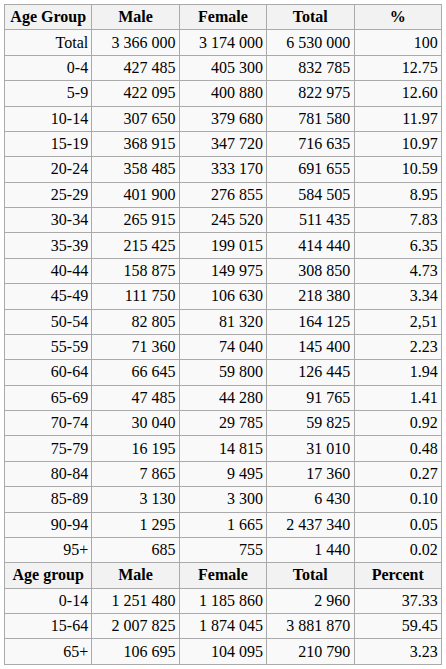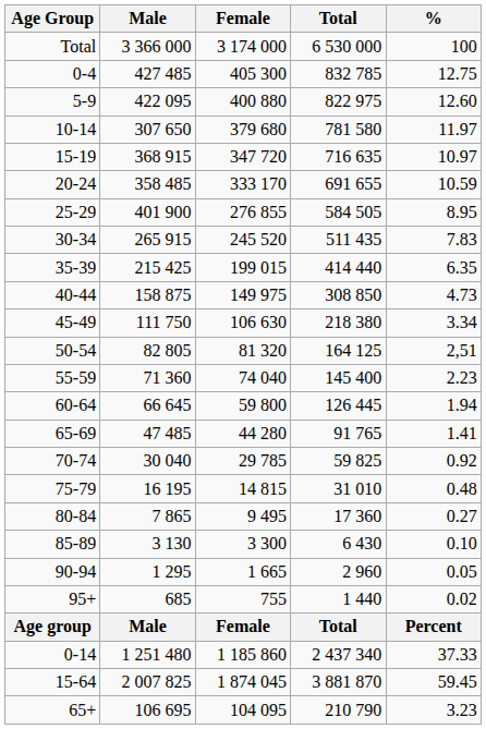 <table class="wikitable">
 <tr>
 <th width="80pt">Age Group</th>
 <th width="80pt">Male</th>
 <th width="80pt">Female</th>
 <th width="80pt">Total</th>
 <th width="80pt">%</th>
 </tr>
 <tr>
 <td align="right">Total</td>
 <td align="right">3 366 000</td>
 <td align="right">3 174 000</td>
 <td align="right">6 530 000</td>
 <td align="right">100</td>
 </tr>
 <tr>
 <td align="right">0-4</td>
 <td align="right">427 485</td>
 <td align="right">405 300</td>
 <td align="right">832 785</td>
 <td align="right">12.75</td>
 </tr>
 <tr>
 <td align="right">5-9</td>
 <td align="right">422 095</td>
 <td align="right">400 880</td>
 <td align="right">822 975</td>
 <td align="right">12.60</td>
 </tr>
 <tr>
 <td align="right">10-14</td>
 <td align="right">307 650</td>
 <td align="right">379 680</td>
 <td align="right">781 580</td>
 <td align="right">11.97</td>
 </tr>
 <tr>
 <td align="right">15-19</td>
 <td align="right">368 915</td>
 <td align="right">347 720</td>
 <td align="right">716 635</td>
 <td align="right">10.97</td>
 </tr>
 <tr>
 <td align="right">20-24</td>
 <td align="right">358 485</td>
 <td align="right">333 170</td>
 <td align="right">691 655</td>
 <td align="right">10.59</td>
 </tr>
 <tr>
 <td align="right">25-29</td>
 <td align="right">401 900</td>
 <td align="right">276 855</td>
 <td align="right">584 505</td>
 <td align="right">8.95</td>
 </tr>
 <tr>
 <td align="right">30-34</td>
 <td align="right">265 915</td>
 <td align="right">245 520</td>
 <td align="right">511 435</td>
 <td align="right">7.83</td>
 </tr>
 <tr>
 <td align="right">35-39</td>
 <td align="right">215 425</td>
 <td align="right">199 015</td>
 <td align="right">414 440</td>
 <td align="right">6.35</td>
 </tr>
 <tr>
 <td align="right">40-44</td>
 <td align="right">158 875</td>
 <td align="right">149 975</td>
 <td align="right">308 850</td>
 <td align="right">4.73</td>
 </tr>
 <tr>
 <td align="right">45-49</td>
 <td align="right">111 750</td>
 <td align="right">106 630</td>
 <td align="right">218 380</td>
 <td align="right">3.34</td>
 </tr>
 <tr>
 <td align="right">50-54</td>
 <td align="right">82 805</td>
 <td align="right">81 320</td>
 <td align="right">164 125</td>
 <td align="right">2,51</td>
 </tr>
 <tr>
 <td align="right">55-59</td>
 <td align="right">71 360</td>
 <td align="right">74 040</td>
 <td align="right">145 400</td>
 <td align="right">2.23</td>
 </tr>
 <tr>
 <td align="right">60-64</td>
 <td align="right">66 645</td>
 <td align="right">59 800</td>
 <td align="right">126 445</td>
 <td align="right">1.94</td>
 </tr>
 <tr>
 <td align="right">65-69</td>
 <td align="right">47 485</td>
 <td align="right">44 280</td>
 <td align="right">91 765</td>
 <td align="right">1.41</td>
 </tr>
 <tr>
 <td align="right">70-74</td>
 <td align="right">30 040</td>
 <td align="right">29 785</td>
 <td align="right">59 825</td>
 <td align="right">0.92</td>
 </tr>
 <tr>
 <td align="right">75-79</td>
 <td align="right">16 195</td>
 <td align="right">14 815</td>
 <td align="right">31 010</td>
 <td align="right">0.48</td>
 </tr>
 <tr>
 <td align="right">80-84</td>
 <td align="right">7 865</td>
 <td align="right">9 495</td>
 <td align="right">17 360</td>
 <td align="right">0.27</td>
 </tr>
 <tr>
 <td align="right">85-89</td>
 <td align="right">3 130</td>
 <td align="right">3 300</td>
 <td align="right">6 430</td>
 <td align="right">0.10</td>
 </tr>
 <tr>
 <td align="right">90-94</td>
 <td align="right">1 295</td>
 <td align="right">1 665</td>
-<td align="right">2 437 340</td>
+<td align="right">2 960</td>
 <td align="right">0.05</td>
 </tr>
 <tr>
 <td align="right">95+</td>
 <td align="right">685</td>
 <td align="right">755</td>
 <td align="right">1 440</td>
 <td align="right">0.02</td>
 </tr>
 <tr>
 <th width="50">Age group</th>
 <th width="80pt">Male</th>
 <th width="80">Female</th>
 <th width="80">Total</th>
 <th width="50">Percent</th>
 </tr>
 <tr>
 <td align="right">0-14</td>
 <td align="right">1 251 480</td>
 <td align="right">1 185 860</td>
-<td align="right">2 960</td>
+<td align="right">2 437 340</td>
 <td align="right">37.33</td>
 </tr>
 <tr>
 <td align="right">15-64</td>
 <td align="right">2 007 825</td>
 <td align="right">1 874 045</td>
 <td align="right">3 881 870</td>
 <td align="right">59.45</td>
 </tr>
 <tr>
 <td align="right">65+</td>
 <td align="right">106 695</td>
 <td align="right">104 095</td>
 <td align="right">210 790</td>
 <td align="right">3.23</td>
 </tr>
 <tr>
 </tr>
 </table>
